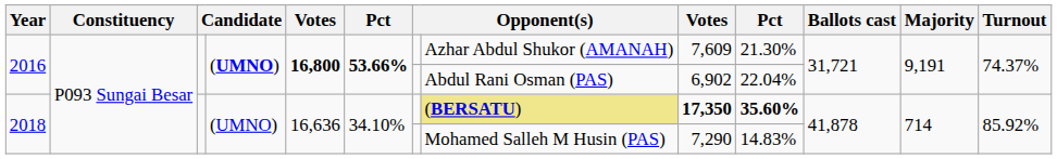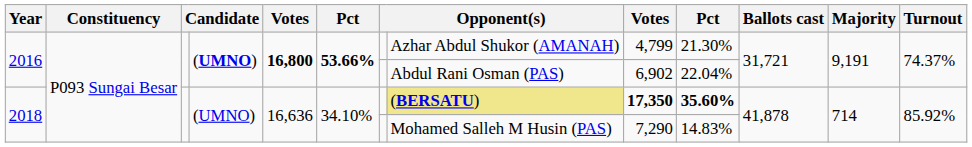 <table class="wikitable" style="margin:0.5em ; font-size:95%">
 <tr>
 <th>Year</th>
 <th>Constituency</th>
 <th colspan=2>Candidate</th>
 <th>Votes</th>
 <th>Pct</th>
 <th colspan=2>Opponent(s)</th>
 <th>Votes</th>
 <th>Pct</th>
 <th>Ballots cast</th>
 <th>Majority</th>
 <th>Turnout</th>
 </tr>
 <tr>
 <td rowspan=2><a href='#'>2016</a></td>
 <td rowspan=4>P093 <a href='#'>Sungai Besar</a></td>
 <td rowspan=2 ></td>
 <td rowspan=2> (<a href='#'><strong>UMNO</strong></a>)</td>
 <td rowspan=2 align="right"><strong>16,800</strong></td>
 <td rowspan=2><strong>53.66%</strong></td>
 <td></td>
 <td>Azhar Abdul Shukor (<a href='#'>AMANAH</a>)</td>
-<td align="right">7,609</td>
+<td align="right">4,799</td>
 <td>21.30%</td>
 <td rowspan=2>31,721</td>
 <td rowspan=2>9,191</td>
 <td rowspan=2>74.37%</td>
 </tr>
 <tr>
 <td></td>
 <td>Abdul Rani Osman (<a href='#'>PAS</a>)</td>
 <td align="right">6,902</td>
 <td>22.04%</td>
 </tr>
 <tr>
 <td rowspan=2><a href='#'>2018</a></td>
 <td rowspan=2 ></td>
 <td rowspan=2> (<a href='#'>UMNO</a>)</td>
 <td rowspan=2 align="right">16,636</td>
 <td rowspan=2>34.10%</td>
 <td></td>
 <td style="background: khaki;"> (<a href='#'><strong>BERSATU</strong></a>)</td>
 <td align="right"><strong>17,350</strong></td>
 <td><strong>35.60%</strong></td>
 <td rowspan=2>41,878</td>
 <td rowspan=2>714</td>
 <td rowspan=2>85.92%</td>
 </tr>
 <tr>
 <td></td>
 <td>Mohamed Salleh M Husin (<a href='#'>PAS</a>)</td>
 <td align="right">7,290</td>
 <td>14.83%</td>
 </tr>
 </table>
